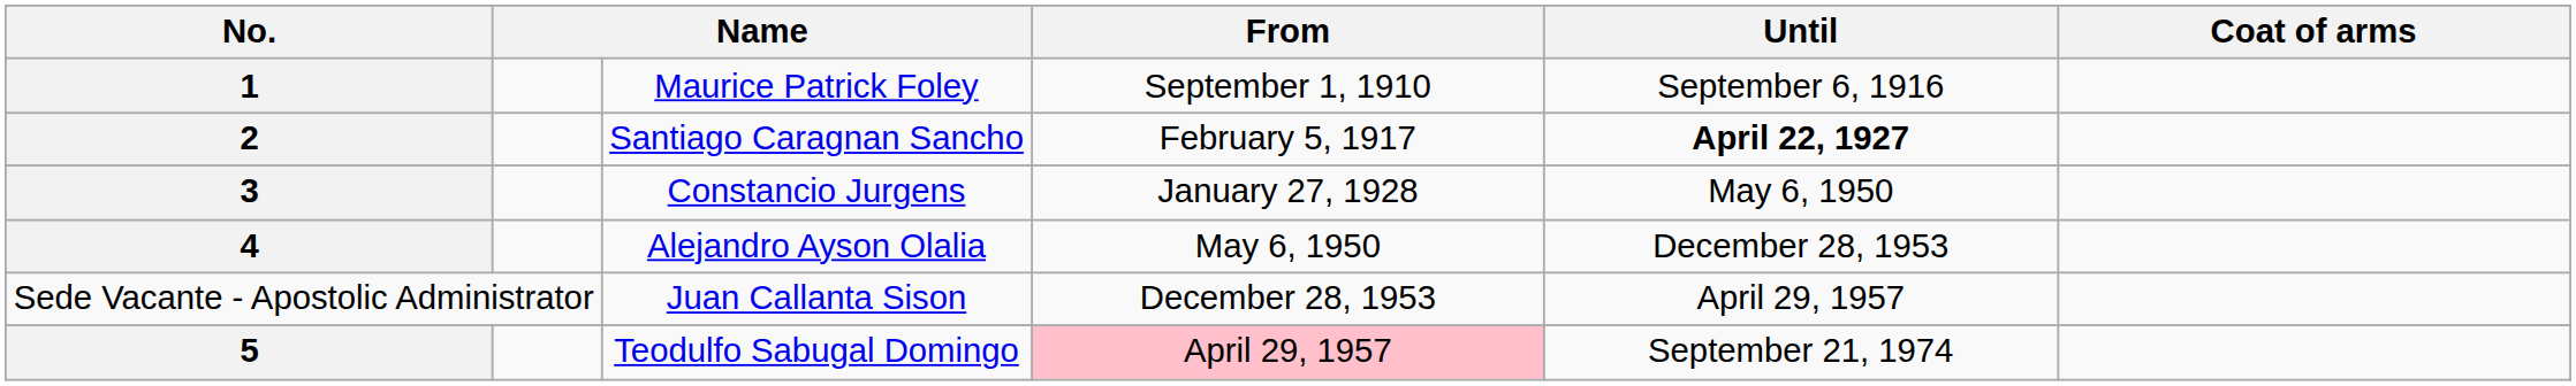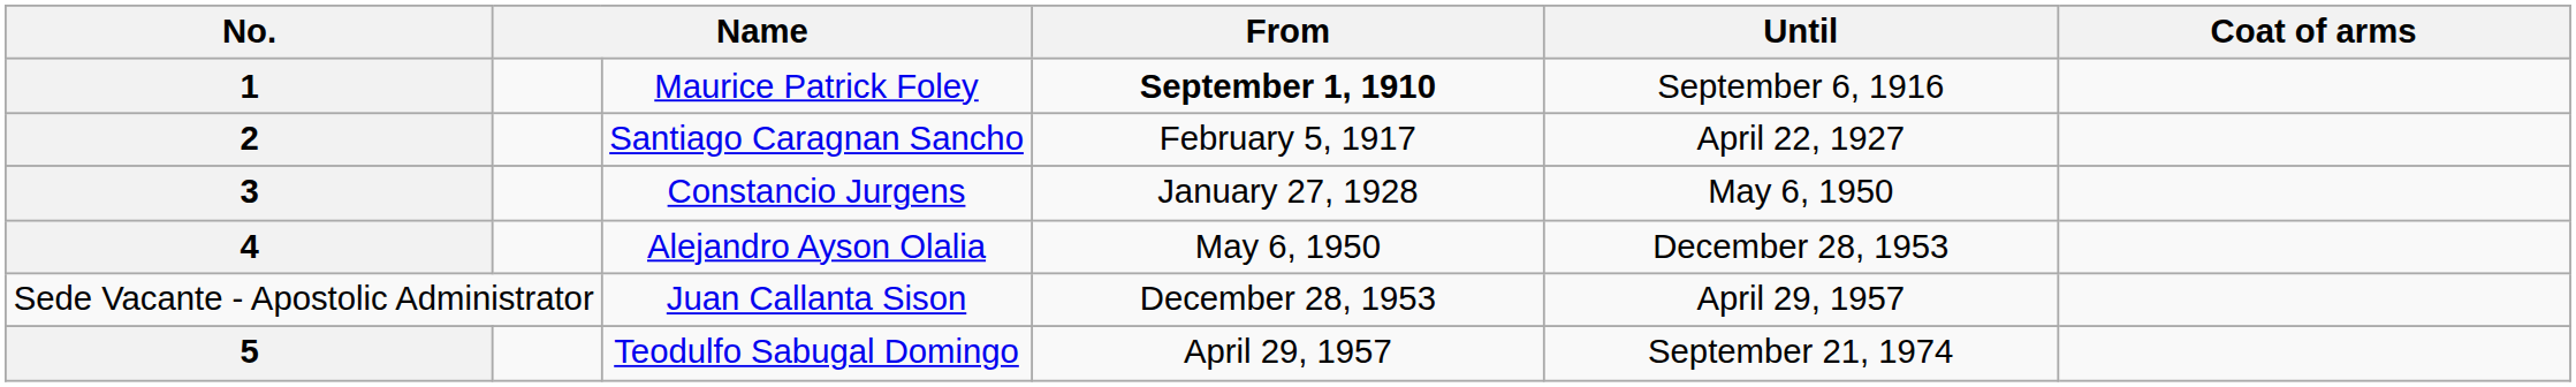 <table class="wikitable" style="text-align:center;">
 <tr>
 <th scope="col">No.</th>
 <th colspan="2" scope="col" style="border-right:none;">Name</th>
 <th scope="col" style="width:20%;">From</th>
 <th scope="col" style="width:20%;">Until</th>
 <th scope="col" style="width:20%;">Coat of arms</th>
 </tr>
 <tr>
 <th scope="row">1</th>
 <td></td>
 <td><a href='#'>Maurice Patrick Foley</a></td>
-<td>September 1, 1910</td>
+<td><strong>September 1, 1910</strong></td>
 <td>September 6, 1916</td>
 <td></td>
 </tr>
 <tr>
 <th scope="row">2</th>
 <td></td>
 <td><a href='#'>Santiago Caragnan Sancho</a></td>
 <td>February 5, 1917</td>
-<td><strong>April 22, 1927</strong></td>
+<td>April 22, 1927</td>
 <td></td>
 </tr>
 <tr>
 <th>3</th>
 <td></td>
 <td><a href='#'>Constancio Jurgens</a></td>
 <td>January 27, 1928</td>
 <td>May 6, 1950</td>
 <td></td>
 </tr>
 <tr>
 <th scope="row">4</th>
 <td></td>
 <td><a href='#'>Alejandro Ayson Olalia</a></td>
 <td>May 6, 1950</td>
 <td>December 28, 1953</td>
 <td></td>
 </tr>
 <tr>
 <td colspan="2">Sede Vacante - Apostolic Administrator</td>
 <td><a href='#'>Juan Callanta Sison</a></td>
 <td>December 28, 1953</td>
 <td>April 29, 1957</td>
 <td></td>
 </tr>
 <tr>
 <th>5</th>
 <td></td>
 <td><a href='#'>Teodulfo Sabugal Domingo</a></td>
-<td style="background: pink;">April 29, 1957</td>
+<td>April 29, 1957</td>
 <td>September 21, 1974</td>
 <td></td>
 </tr>
 </table>
